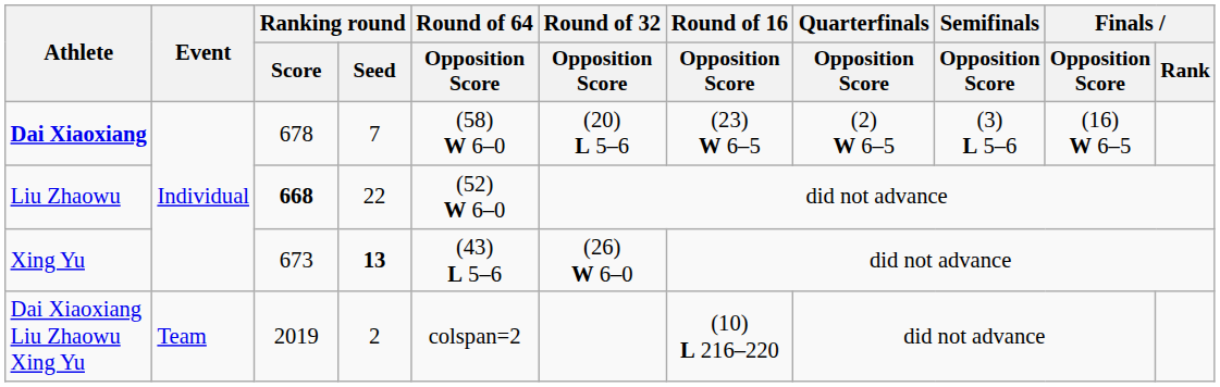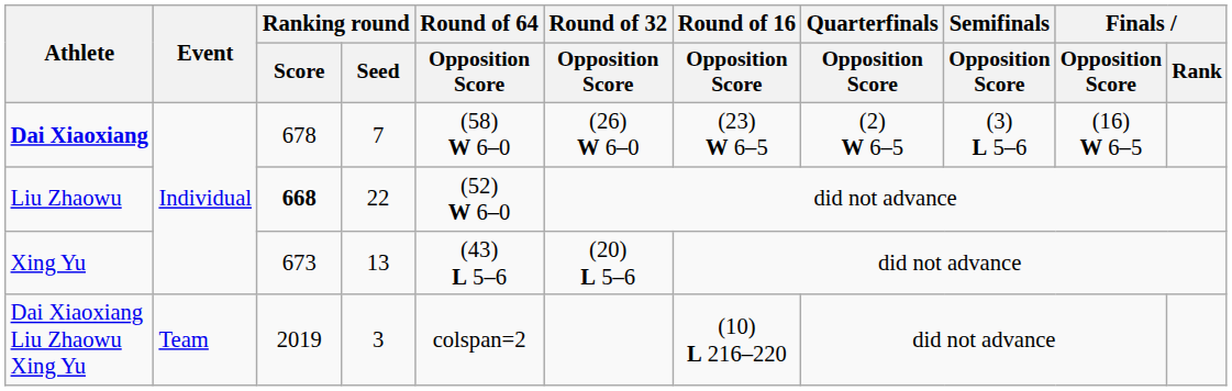 <table class="wikitable" style="font-size:90%">
 <tr>
 <th rowspan="2">Athlete</th>
 <th rowspan="2">Event</th>
 <th colspan="2">Ranking round</th>
 <th>Round of 64</th>
 <th>Round of 32</th>
 <th>Round of 16</th>
 <th>Quarterfinals</th>
 <th>Semifinals</th>
 <th colspan="2">Finals / </th>
 </tr>
 <tr style="font-size:95%">
 <th>Score</th>
 <th>Seed</th>
 <th>Opposition<br>Score</th>
 <th>Opposition<br>Score</th>
 <th>Opposition<br>Score</th>
 <th>Opposition<br>Score</th>
 <th>Opposition<br>Score</th>
 <th>Opposition<br>Score</th>
 <th>Rank</th>
 </tr>
 <tr align=center>
 <td align=left><strong><a href='#'>Dai Xiaoxiang</a></strong></td>
 <td align=left rowspan=3><a href='#'>Individual</a></td>
 <td>678</td>
 <td>7</td>
 <td> (58)<br><strong>W</strong> 6–0</td>
-<td> (20)<br><strong>L</strong> 5–6</td>
+<td> (26)<br><strong>W</strong> 6–0</td>
 <td> (23)<br><strong>W</strong> 6–5</td>
 <td> (2)<br><strong>W</strong> 6–5</td>
 <td> (3)<br><strong>L</strong> 5–6</td>
 <td> (16)<br><strong>W</strong> 6–5</td>
 <td></td>
 </tr>
 <tr align=center>
 <td align=left><a href='#'>Liu Zhaowu</a></td>
 <td><strong>668</strong></td>
 <td>22</td>
 <td> (52)<br><strong>W</strong> 6–0</td>
 <td align="center" colspan="6">did not advance</td>
 </tr>
 <tr align=center>
 <td align=left><a href='#'>Xing Yu</a></td>
 <td>673</td>
-<td><strong>13</strong></td>
+<td>13</td>
 <td> (43)<br><strong>L</strong> 5–6</td>
-<td> (26)<br><strong>W</strong> 6–0</td>
+<td> (20)<br><strong>L</strong> 5–6</td>
 <td align="center" colspan="5">did not advance</td>
 </tr>
 <tr align=center>
 <td align=left><a href='#'>Dai Xiaoxiang</a><br><a href='#'>Liu Zhaowu</a><br><a href='#'>Xing Yu</a></td>
 <td align=left><a href='#'>Team</a></td>
 <td>2019</td>
-<td>2</td>
+<td>3</td>
 <td>colspan=2 </td>
 <td></td>
 <td> (10)<br><strong>L</strong> 216–220</td>
 <td colspan=3>did not advance</td>
 </tr>
 </table>
